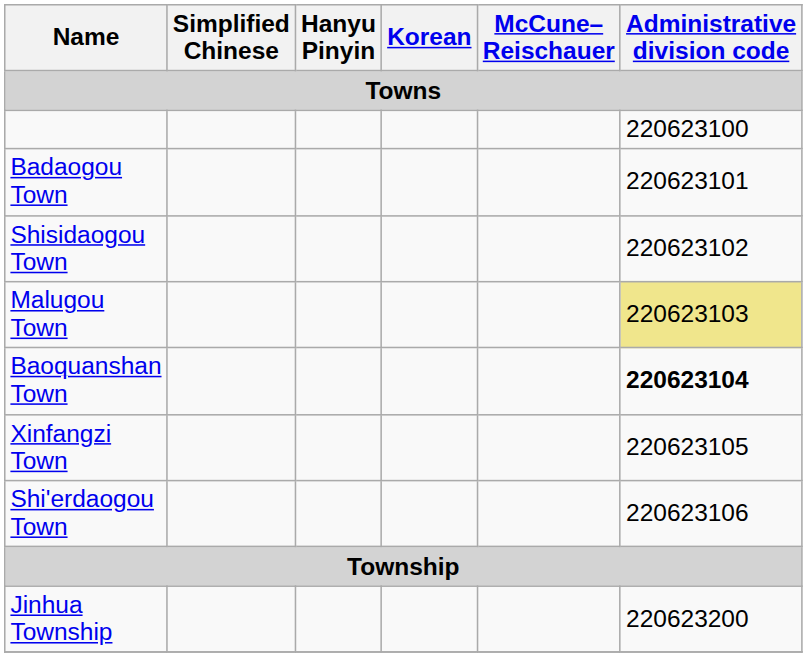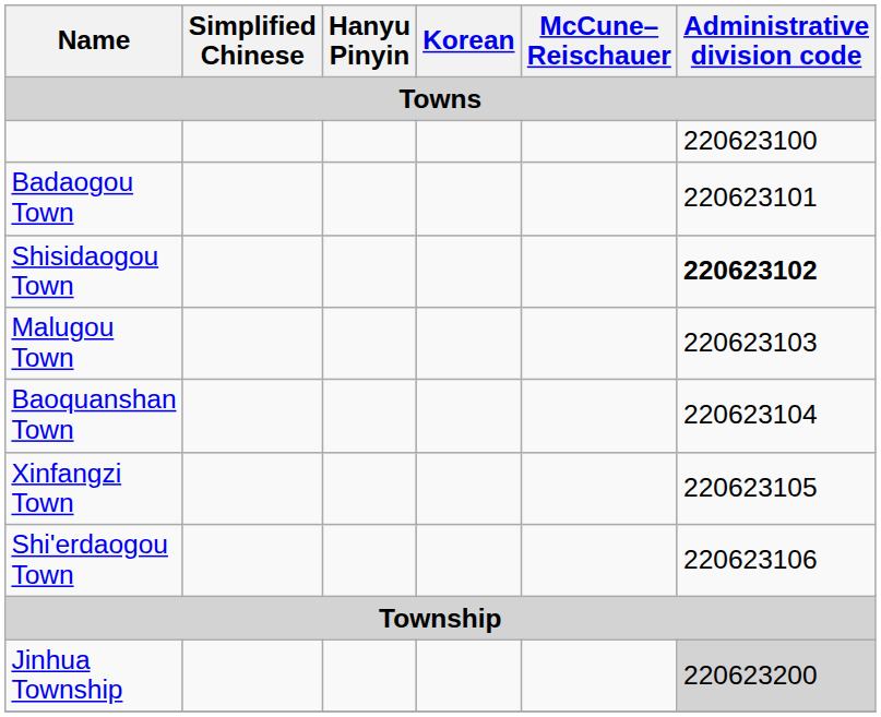 <table class="wikitable" align="center" style="width:50%; border="1">
 <tr>
 <th>Name</th>
 <th>Simplified Chinese</th>
 <th>Hanyu Pinyin</th>
 <th><a href='#'>Korean</a></th>
 <th><a href='#'>McCune–Reischauer</a></th>
 <th><a href='#'>Administrative division code</a></th>
 </tr>
 <tr>
 <td colspan="7"  style="text-align:center; background:#d3d3d3;"><strong>Towns</strong></td>
 </tr>
 <tr --------->
 <td></td>
 <td></td>
 <td></td>
 <td></td>
 <td></td>
 <td>220623100</td>
 </tr>
 <tr>
 <td><a href='#'>Badaogou Town</a></td>
 <td></td>
 <td></td>
 <td></td>
 <td></td>
 <td>220623101</td>
 </tr>
 <tr>
 <td><a href='#'>Shisidaogou Town</a></td>
 <td></td>
 <td></td>
 <td></td>
 <td></td>
-<td>220623102</td>
+<td><strong>220623102</strong></td>
 </tr>
 <tr>
 <td><a href='#'>Malugou Town</a></td>
 <td></td>
 <td></td>
 <td></td>
 <td></td>
-<td style="background: khaki;">220623103</td>
+<td>220623103</td>
 </tr>
 <tr>
 <td><a href='#'>Baoquanshan Town</a></td>
 <td></td>
 <td></td>
 <td></td>
 <td></td>
-<td><strong>220623104</strong></td>
+<td>220623104</td>
 </tr>
 <tr>
 <td><a href='#'>Xinfangzi Town</a></td>
 <td></td>
 <td></td>
 <td></td>
 <td></td>
 <td>220623105</td>
 </tr>
 <tr>
 <td><a href='#'>Shi'erdaogou Town</a></td>
 <td></td>
 <td></td>
 <td></td>
 <td></td>
 <td>220623106</td>
 </tr>
 <tr>
 <td colspan="7"  style="text-align:center; background:#d3d3d3;"><strong>Township</strong></td>
 </tr>
 <tr --------->
 <td><a href='#'>Jinhua Township</a></td>
 <td></td>
 <td></td>
 <td></td>
 <td></td>
-<td>220623200</td>
+<td style="background: lightgrey;">220623200</td>
 </tr>
 <tr>
 </tr>
 </table>
